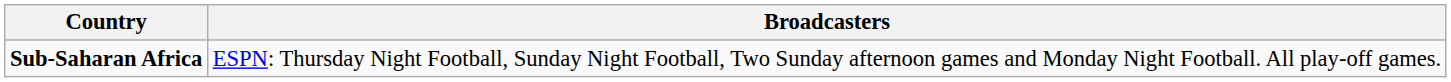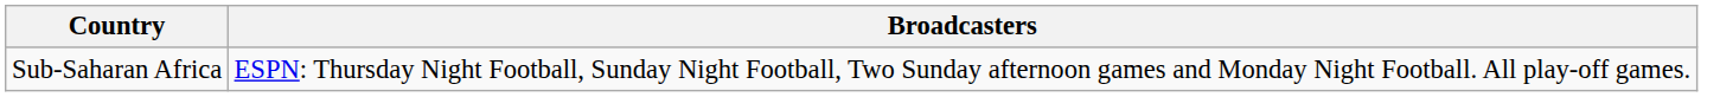 <table class="wikitable">
 <tr>
 <th>Country</th>
 <th>Broadcasters</th>
 </tr>
 <tr>
-<td><strong>Sub-Saharan Africa</strong></td>
+<td>Sub-Saharan Africa</td>
 <td><a href='#'>ESPN</a>: Thursday Night Football, Sunday Night Football, Two Sunday afternoon games and Monday Night Football. All play-off games.</td>
 </tr>
 </table>
